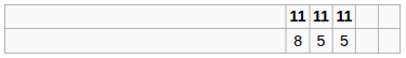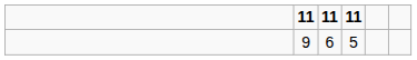 <table class="wikitable">
 <tr>
 <td style="width:18em"><strong></strong></td>
 <td align=center style="width:1em"><strong>11</strong></td>
 <td align=center style="width:1em"><strong>11</strong></td>
 <td align=center style="width:1em"><strong>11</strong></td>
 <td align=center style="width:1em"></td>
 <td align=center style="width:1em"></td>
 </tr>
 <tr>
 <td style="width:18em"></td>
-<td align=center style="width:1em">8</td>
-<td align=center style="width:1em">5</td>
+<td align=center style="width:1em">9</td>
+<td align=center style="width:1em">6</td>
 <td align=center style="width:1em">5</td>
 <td align=center style="width:1em"></td>
 <td align=center style="width:1em"></td>
 </tr>
 </table>
